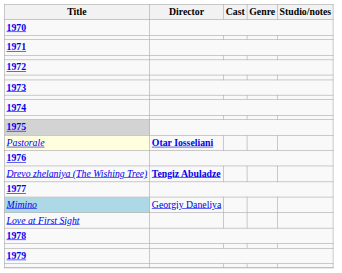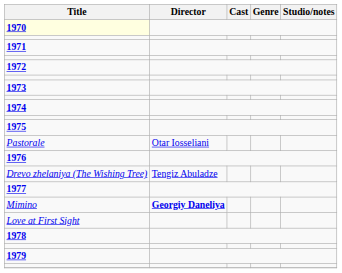 <table class="wikitable">
 <tr>
 <th>Title</th>
 <th>Director</th>
 <th>Cast</th>
 <th>Genre</th>
 <th>Studio/notes</th>
 </tr>
 <tr>
-<td><strong><a href='#'>1970</a></strong></td>
+<td style="background: lightyellow;"><strong><a href='#'>1970</a></strong></td>
 </tr>
 <tr>
 <td></td>
 <td></td>
 <td></td>
 <td></td>
 <td></td>
 </tr>
 <tr>
 <td><strong><a href='#'>1971</a></strong></td>
 </tr>
 <tr>
 <td></td>
 <td></td>
 <td></td>
 <td></td>
 <td></td>
 </tr>
 <tr>
 <td><strong><a href='#'>1972</a></strong></td>
 </tr>
 <tr>
 <td></td>
 <td></td>
 <td></td>
 <td></td>
 <td></td>
 </tr>
 <tr>
 <td><strong><a href='#'>1973</a></strong></td>
 </tr>
 <tr>
 <td></td>
 <td></td>
 <td></td>
 <td></td>
 <td></td>
 </tr>
 <tr>
 <td><strong><a href='#'>1974</a></strong></td>
 </tr>
 <tr>
 <td></td>
 <td></td>
 <td></td>
 <td></td>
 <td></td>
 </tr>
 <tr>
-<td style="background: lightgrey;"><strong><a href='#'>1975</a></strong></td>
+<td><strong><a href='#'>1975</a></strong></td>
 </tr>
 <tr>
-<td style="background: lightyellow;"><em><a href='#'>Pastorale</a></em></td>
-<td><strong><a href='#'>Otar Iosseliani</a></strong></td>
+<td><em><a href='#'>Pastorale</a></em></td>
+<td><a href='#'>Otar Iosseliani</a></td>
 <td></td>
 <td></td>
 <td></td>
 </tr>
 <tr>
 <td><strong><a href='#'>1976</a></strong></td>
 </tr>
 <tr>
 <td><em><a href='#'>Drevo zhelaniya (The Wishing Tree)</a></em></td>
-<td><strong><a href='#'>Tengiz Abuladze</a></strong></td>
+<td><a href='#'>Tengiz Abuladze</a></td>
 <td></td>
 <td></td>
 <td></td>
 </tr>
 <tr>
 <td><strong><a href='#'>1977</a></strong></td>
 </tr>
 <tr>
-<td style="background: lightblue;"><em><a href='#'>Mimino</a></em></td>
-<td><a href='#'>Georgiy Daneliya</a></td>
+<td><em><a href='#'>Mimino</a></em></td>
+<td><strong><a href='#'>Georgiy Daneliya</a></strong></td>
 <td></td>
 <td></td>
 <td></td>
 </tr>
 <tr>
 <td><em><a href='#'>Love at First Sight</a></em></td>
 <td></td>
 <td></td>
 <td></td>
 <td></td>
 </tr>
 <tr>
 <td><strong><a href='#'>1978</a></strong></td>
 </tr>
 <tr>
 <td></td>
 <td></td>
 <td></td>
 <td></td>
 <td></td>
 </tr>
 <tr>
 <td><strong><a href='#'>1979</a></strong></td>
 </tr>
 <tr>
 <td></td>
 <td></td>
 <td></td>
 <td></td>
 <td></td>
 </tr>
 <tr>
 </tr>
 </table>
